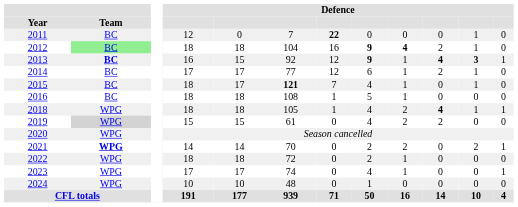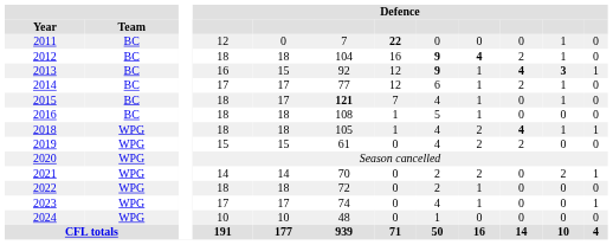 <table BORDER="0" CELLPADDING="1" CELLSPACING="0" width="65%" style="text-align:center">
 <tr bgcolor="#e0e0e0">
 <th colspan="2"></th>
 <th rowspan="101" bgcolor="#ffffff"> </th>
 <th colspan="9">Defence</th>
 </tr>
 <tr bgcolor="#e0e0e0">
 <th>Year</th>
 <th>Team</th>
 <th></th>
 <th></th>
 <th></th>
 <th></th>
 <th></th>
 <th></th>
 <th></th>
 <th></th>
 <th></th>
 </tr>
 <tr ALIGN="center" bgcolor="#f0f0f0">
 <td><a href='#'>2011</a></td>
 <td><a href='#'>BC</a></td>
 <td>12</td>
 <td>0</td>
 <td>7</td>
 <td><strong>22</strong></td>
 <td>0</td>
 <td>0</td>
 <td>0</td>
 <td>1</td>
 <td>0</td>
 </tr>
 <tr>
 <td><a href='#'>2012</a></td>
-<td style="background: lightgreen;"><a href='#'>BC</a></td>
+<td><a href='#'>BC</a></td>
 <td>18</td>
 <td>18</td>
 <td>104</td>
 <td>16</td>
 <td><strong>9</strong></td>
 <td><strong>4</strong></td>
 <td>2</td>
 <td>1</td>
 <td>0</td>
 </tr>
 <tr ALIGN="center" bgcolor="#f0f0f0">
 <td><a href='#'>2013</a></td>
-<td><strong><a href='#'>BC</a></strong></td>
+<td><a href='#'>BC</a></td>
 <td>16</td>
 <td>15</td>
 <td>92</td>
 <td>12</td>
 <td><strong>9</strong></td>
 <td>1</td>
 <td><strong>4</strong></td>
 <td><strong>3</strong></td>
 <td>1</td>
 </tr>
 <tr>
 <td><a href='#'>2014</a></td>
 <td><a href='#'>BC</a></td>
 <td>17</td>
 <td>17</td>
 <td>77</td>
 <td>12</td>
 <td>6</td>
 <td>1</td>
 <td>2</td>
 <td>1</td>
 <td>0</td>
 </tr>
 <tr ALIGN="center" bgcolor="#f0f0f0">
 <td><a href='#'>2015</a></td>
 <td><a href='#'>BC</a></td>
 <td>18</td>
 <td>17</td>
 <td><strong>121</strong></td>
 <td>7</td>
 <td>4</td>
 <td>1</td>
 <td>0</td>
 <td>1</td>
 <td>0</td>
 </tr>
 <tr>
 <td><a href='#'>2016</a></td>
 <td><a href='#'>BC</a></td>
 <td>18</td>
 <td>18</td>
 <td>108</td>
 <td>1</td>
 <td>5</td>
 <td>1</td>
 <td>0</td>
 <td>0</td>
 <td>0</td>
 </tr>
 <tr ALIGN="center" bgcolor="#f0f0f0">
 <td><a href='#'>2018</a></td>
 <td><a href='#'>WPG</a></td>
 <td>18</td>
 <td>18</td>
 <td>105</td>
 <td>1</td>
 <td>4</td>
 <td>2</td>
 <td><strong>4</strong></td>
 <td>1</td>
 <td>1</td>
 </tr>
 <tr ALIGN="center">
 <td><a href='#'>2019</a></td>
-<td style="background: lightgrey;"><a href='#'>WPG</a></td>
+<td><a href='#'>WPG</a></td>
 <td>15</td>
 <td>15</td>
 <td>61</td>
 <td>0</td>
 <td>4</td>
 <td>2</td>
 <td>2</td>
 <td>0</td>
 <td>0</td>
 </tr>
 <tr ALIGN="center" bgcolor="#f0f0f0">
 <td><a href='#'>2020</a></td>
 <td><a href='#'>WPG</a></td>
 <td colspan="10"><em>Season cancelled</em></td>
 </tr>
 <tr ALIGN="center">
 <td><a href='#'>2021</a></td>
-<td><strong><a href='#'>WPG</a></strong></td>
+<td><a href='#'>WPG</a></td>
 <td>14</td>
 <td>14</td>
 <td>70</td>
 <td>0</td>
 <td>2</td>
 <td>2</td>
 <td>0</td>
 <td>2</td>
 <td>1</td>
 </tr>
 <tr ALIGN="center" bgcolor="#f0f0f0">
 <td><a href='#'>2022</a></td>
 <td><a href='#'>WPG</a></td>
 <td>18</td>
 <td>18</td>
 <td>72</td>
 <td>0</td>
 <td>2</td>
 <td>1</td>
 <td>0</td>
 <td>0</td>
 <td>0</td>
 </tr>
 <tr ALIGN="center">
 <td><a href='#'>2023</a></td>
 <td><a href='#'>WPG</a></td>
 <td>17</td>
 <td>17</td>
 <td>74</td>
 <td>0</td>
 <td>4</td>
 <td>1</td>
 <td>0</td>
 <td>0</td>
 <td>1</td>
 </tr>
 <tr ALIGN="center" bgcolor="#f0f0f0">
 <td><a href='#'>2024</a></td>
 <td><a href='#'>WPG</a></td>
 <td>10</td>
 <td>10</td>
 <td>48</td>
 <td>0</td>
 <td>1</td>
 <td>0</td>
 <td>0</td>
 <td>0</td>
 <td>0</td>
 </tr>
 <tr bgcolor="#e0e0e0">
 <th colspan="2"><a href='#'>CFL totals</a></th>
 <th>191</th>
 <th>177</th>
 <th>939</th>
 <th>71</th>
 <th>50</th>
 <th>16</th>
 <th>14</th>
 <th>10</th>
 <th>4</th>
 </tr>
 </table>
